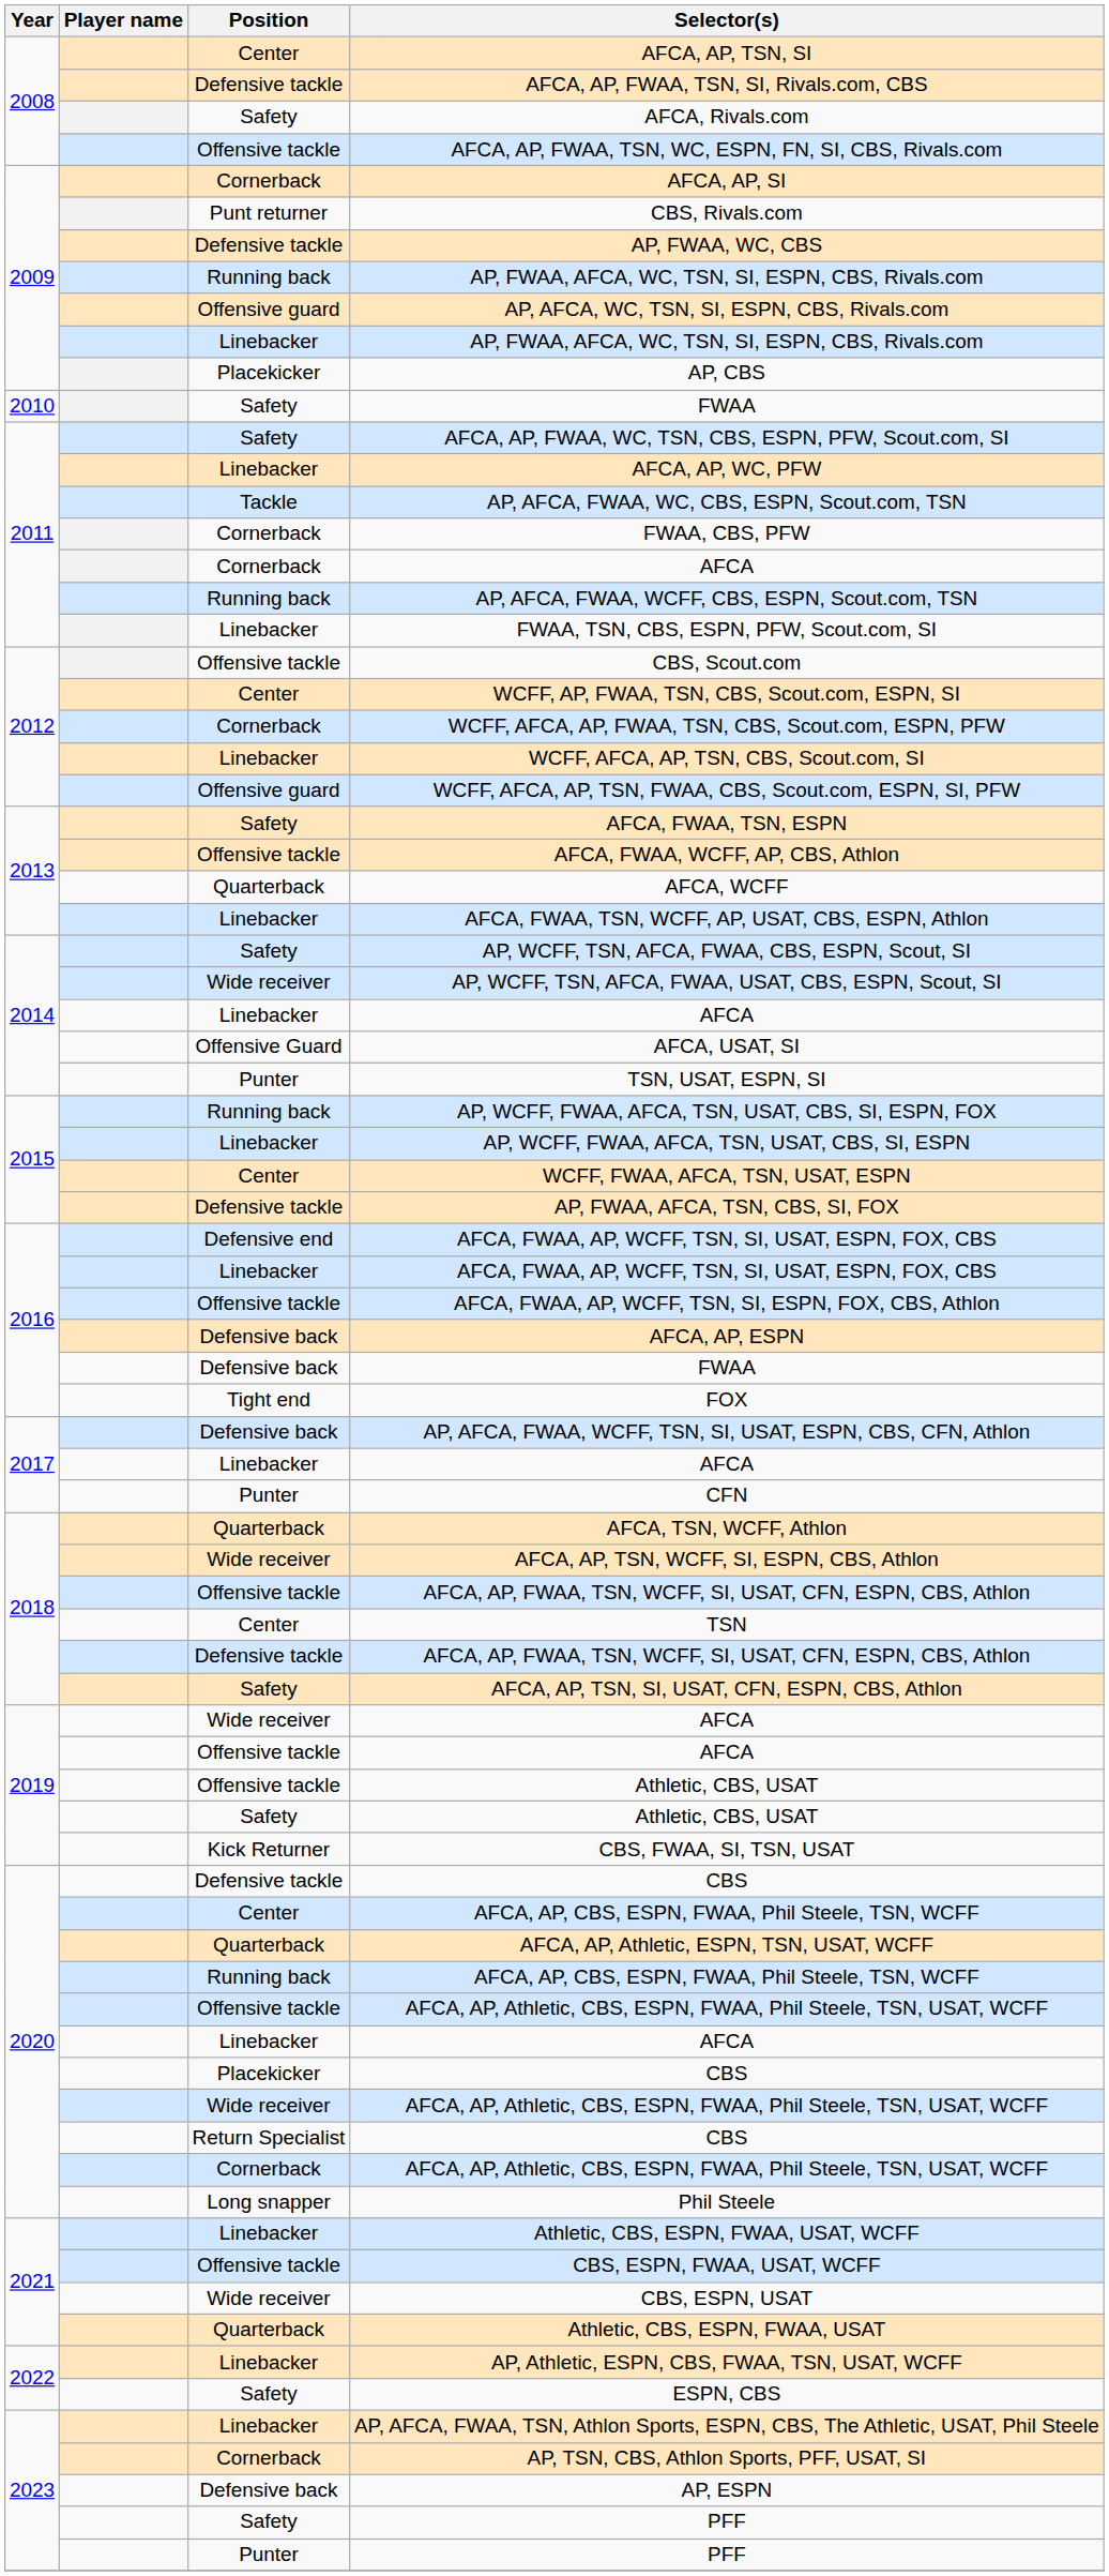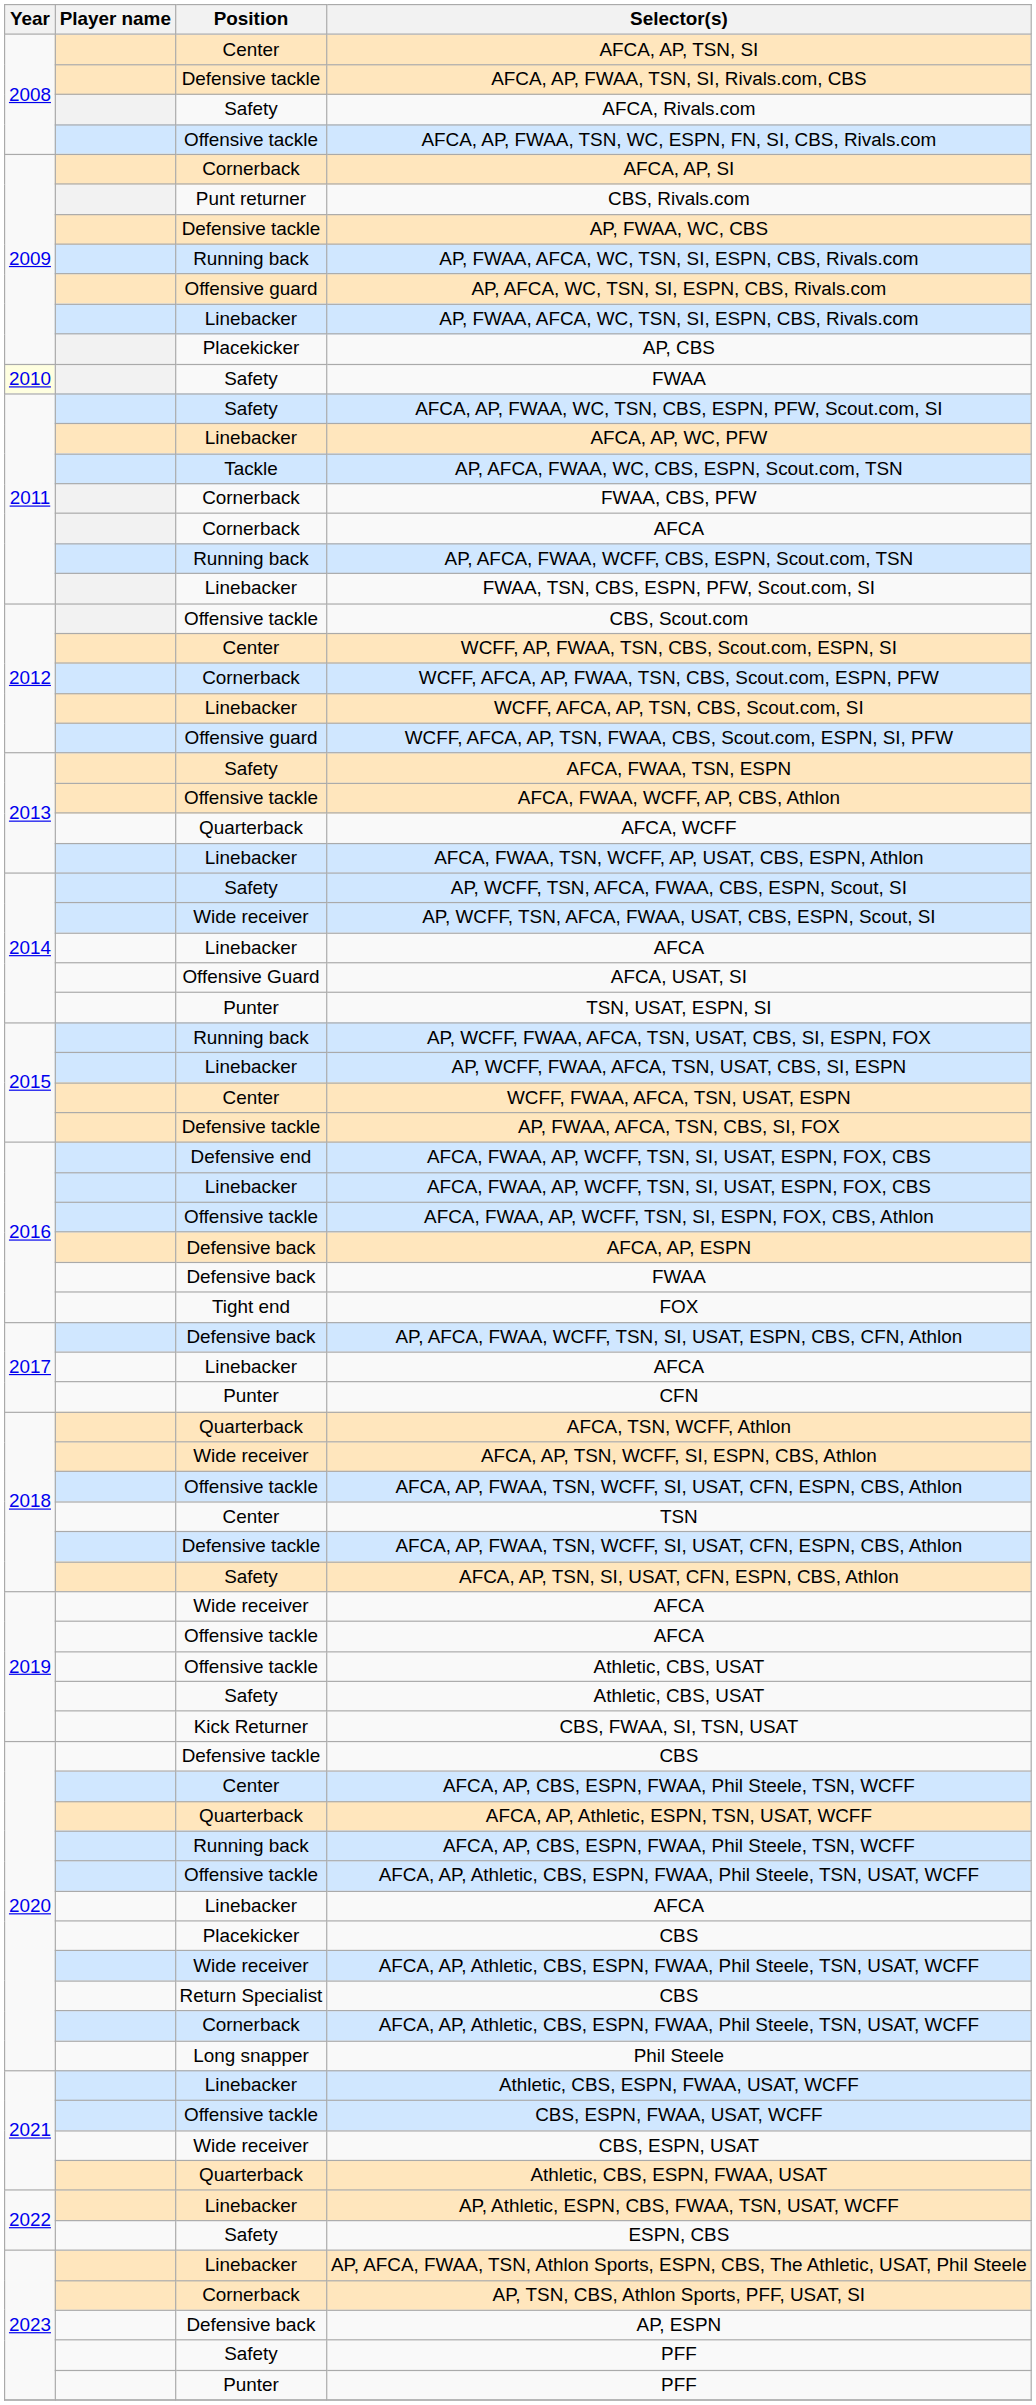 <table class="wikitable sortable" style="text-align:center">
 <tr>
 <th scope="col">Year</th>
 <th scope="col">Player name</th>
 <th scope="col">Position</th>
 <th scope="col">Selector(s)</th>
 </tr>
 <tr>
 <td rowspan=4><a href='#'>2008</a></td>
 <td align="center" bgcolor=#FFE6BD><strong></strong></td>
 <td align="center" bgcolor=#FFE6BD>Center</td>
 <td align="center" bgcolor=#FFE6BD>AFCA, AP, TSN, SI</td>
 </tr>
 <tr>
 <td align="center" bgcolor=#FFE6BD><strong></strong></td>
 <td align="center" bgcolor=#FFE6BD>Defensive tackle</td>
 <td align="center" bgcolor=#FFE6BD>AFCA, AP, FWAA, TSN, SI, Rivals.com, CBS</td>
 </tr>
 <tr>
 <th scope="row"></th>
 <td>Safety</td>
 <td>AFCA, Rivals.com</td>
 </tr>
 <tr>
 <td align="center" bgcolor=#D0E7FF><strong></strong></td>
 <td align="center" bgcolor=#D0E7FF>Offensive tackle</td>
 <td align="center" bgcolor=#D0E7FF>AFCA, AP, FWAA, TSN, WC, ESPN, FN, SI, CBS, Rivals.com</td>
 </tr>
 <tr>
 <td rowspan=7><a href='#'>2009</a></td>
 <td align="center" bgcolor=#FFE6BD><strong></strong></td>
 <td align="center" bgcolor=#FFE6BD>Cornerback</td>
 <td align="center" bgcolor=#FFE6BD>AFCA, AP, SI</td>
 </tr>
 <tr>
 <th scope="row"></th>
 <td>Punt returner</td>
 <td>CBS, Rivals.com</td>
 </tr>
 <tr>
 <td align="center" bgcolor=#FFE6BD><strong></strong></td>
 <td align="center" bgcolor=#FFE6BD>Defensive tackle</td>
 <td align="center" bgcolor=#FFE6BD>AP, FWAA, WC, CBS</td>
 </tr>
 <tr>
 <td align="center" bgcolor=#D0E7FF><strong></strong></td>
 <td align="center" bgcolor=#D0E7FF>Running back</td>
 <td align="center" bgcolor=#D0E7FF>AP, FWAA, AFCA, WC, TSN, SI, ESPN, CBS, Rivals.com</td>
 </tr>
 <tr>
 <td align="center" bgcolor=#FFE6BD><strong></strong></td>
 <td align="center" bgcolor=#FFE6BD>Offensive guard</td>
 <td align="center" bgcolor=#FFE6BD>AP, AFCA, WC, TSN, SI, ESPN, CBS, Rivals.com</td>
 </tr>
 <tr>
 <td align="center" bgcolor=#D0E7FF><strong></strong></td>
 <td align="center" bgcolor=#D0E7FF>Linebacker</td>
 <td align="center" bgcolor=#D0E7FF>AP, FWAA, AFCA, WC, TSN, SI, ESPN, CBS, Rivals.com</td>
 </tr>
 <tr>
 <th scope="row"></th>
 <td>Placekicker</td>
 <td>AP, CBS</td>
 </tr>
 <tr>
-<td><a href='#'>2010</a></td>
+<td style="background: lightyellow;"><a href='#'>2010</a></td>
 <th scope="row"></th>
 <td>Safety</td>
 <td>FWAA</td>
 </tr>
 <tr>
 <td rowspan=7><a href='#'>2011</a></td>
 <td align="center" bgcolor=#D0E7FF><strong></strong></td>
 <td align="center" bgcolor=#D0E7FF>Safety</td>
 <td align="center" bgcolor=#D0E7FF>AFCA, AP, FWAA, WC, TSN, CBS, ESPN, PFW, Scout.com, SI</td>
 </tr>
 <tr>
 <td align="center" bgcolor=#FFE6BD><strong></strong></td>
 <td align="center" bgcolor=#FFE6BD>Linebacker</td>
 <td align="center" bgcolor=#FFE6BD>AFCA, AP, WC, PFW</td>
 </tr>
 <tr>
 <td align="center" bgcolor=#D0E7FF><strong></strong></td>
 <td align="center" bgcolor=#D0E7FF>Tackle</td>
 <td align="center" bgcolor=#D0E7FF>AP, AFCA, FWAA, WC, CBS, ESPN, Scout.com, TSN</td>
 </tr>
 <tr>
 <th scope="row"></th>
 <td>Cornerback</td>
 <td>FWAA, CBS, PFW</td>
 </tr>
 <tr>
 <th scope="row"></th>
 <td>Cornerback</td>
 <td>AFCA</td>
 </tr>
 <tr>
 <td align="center" bgcolor=#D0E7FF><strong></strong></td>
 <td align="center" bgcolor=#D0E7FF>Running back</td>
 <td align="center" bgcolor=#D0E7FF>AP, AFCA, FWAA, WCFF, CBS, ESPN, Scout.com, TSN</td>
 </tr>
 <tr>
 <th scope="row"></th>
 <td>Linebacker</td>
 <td>FWAA, TSN, CBS, ESPN, PFW, Scout.com, SI</td>
 </tr>
 <tr>
 <td rowspan=5><a href='#'>2012</a></td>
 <th scope="row"></th>
 <td>Offensive tackle</td>
 <td>CBS, Scout.com</td>
 </tr>
 <tr>
 <td align="center" bgcolor=#FFE6BD><strong></strong></td>
 <td align="center" bgcolor=#FFE6BD>Center</td>
 <td align="center" bgcolor=#FFE6BD>WCFF, AP, FWAA, TSN, CBS, Scout.com, ESPN, SI</td>
 </tr>
 <tr>
 <td align="center" bgcolor=#D0E7FF><strong></strong></td>
 <td align="center" bgcolor=#D0E7FF>Cornerback</td>
 <td align="center" bgcolor=#D0E7FF>WCFF, AFCA, AP, FWAA, TSN, CBS, Scout.com, ESPN, PFW</td>
 </tr>
 <tr>
 <td align="center" bgcolor=#FFE6BD><strong></strong></td>
 <td align="center" bgcolor=#FFE6BD>Linebacker</td>
 <td align="center" bgcolor=#FFE6BD>WCFF, AFCA, AP, TSN, CBS, Scout.com, SI</td>
 </tr>
 <tr>
 <td align="center" bgcolor=#D0E7FF><strong></strong></td>
 <td align="center" bgcolor=#D0E7FF>Offensive guard</td>
 <td align="center" bgcolor=#D0E7FF>WCFF, AFCA, AP, TSN, FWAA, CBS, Scout.com, ESPN, SI, PFW</td>
 </tr>
 <tr>
 <td rowspan=4><a href='#'>2013</a></td>
 <td align="center" bgcolor=#FFE6BD><strong></strong></td>
 <td align="center" bgcolor=#FFE6BD>Safety</td>
 <td align="center" bgcolor=#FFE6BD>AFCA, FWAA, TSN, ESPN</td>
 </tr>
 <tr>
 <td align="center" bgcolor=#FFE6BD><strong></strong></td>
 <td align="center" bgcolor=#FFE6BD>Offensive tackle</td>
 <td align="center" bgcolor=#FFE6BD>AFCA, FWAA, WCFF, AP, CBS, Athlon</td>
 </tr>
 <tr>
 <td><strong></strong></td>
 <td>Quarterback</td>
 <td>AFCA, WCFF</td>
 </tr>
 <tr>
 <td align="center" bgcolor=#D0E7FF><strong></strong></td>
 <td align="center" bgcolor=#D0E7FF>Linebacker</td>
 <td align="center" bgcolor=#D0E7FF>AFCA, FWAA, TSN, WCFF, AP, USAT, CBS, ESPN, Athlon</td>
 </tr>
 <tr>
 <td rowspan=5><a href='#'>2014</a></td>
 <td align="center" bgcolor=#D0E7FF><strong></strong></td>
 <td align="center" bgcolor=#D0E7FF>Safety</td>
 <td align="center" bgcolor=#D0E7FF>AP, WCFF, TSN, AFCA, FWAA, CBS, ESPN, Scout, SI</td>
 </tr>
 <tr>
 <td align="center" bgcolor=#D0E7FF><strong></strong></td>
 <td align="center" bgcolor=#D0E7FF>Wide receiver</td>
 <td align="center" bgcolor=#D0E7FF>AP, WCFF, TSN, AFCA, FWAA, USAT, CBS, ESPN, Scout, SI</td>
 </tr>
 <tr>
 <td><strong></strong></td>
 <td>Linebacker</td>
 <td>AFCA</td>
 </tr>
 <tr>
 <td><strong></strong></td>
 <td>Offensive Guard</td>
 <td>AFCA, USAT, SI</td>
 </tr>
 <tr>
 <td><strong></strong></td>
 <td>Punter</td>
 <td>TSN, USAT, ESPN, SI</td>
 </tr>
 <tr>
 <td rowspan=4><a href='#'>2015</a></td>
 <td align="center" bgcolor=#D0E7FF><strong></strong></td>
 <td align="center" bgcolor=#D0E7FF>Running back</td>
 <td align="center" bgcolor=#D0E7FF>AP, WCFF, FWAA, AFCA, TSN, USAT, CBS, SI, ESPN, FOX</td>
 </tr>
 <tr>
 <td align="center" bgcolor=#D0E7FF><strong></strong></td>
 <td align="center" bgcolor=#D0E7FF>Linebacker</td>
 <td align="center" bgcolor=#D0E7FF>AP, WCFF, FWAA, AFCA, TSN, USAT, CBS, SI, ESPN</td>
 </tr>
 <tr>
 <td align="center" bgcolor=#FFE6BD><strong></strong></td>
 <td align="center" bgcolor=#FFE6BD>Center</td>
 <td align="center" bgcolor=#FFE6BD>WCFF, FWAA, AFCA, TSN, USAT, ESPN</td>
 </tr>
 <tr>
 <td align="center" bgcolor=#FFE6BD><strong></strong></td>
 <td align="center" bgcolor=#FFE6BD>Defensive tackle</td>
 <td align="center" bgcolor=#FFE6BD>AP, FWAA, AFCA, TSN, CBS, SI, FOX</td>
 </tr>
 <tr>
 <td rowspan=6><a href='#'>2016</a></td>
 <td align="center" bgcolor=#D0E7FF><strong></strong></td>
 <td align="center" bgcolor=#D0E7FF>Defensive end</td>
 <td align="center" bgcolor=#D0E7FF>AFCA, FWAA, AP, WCFF, TSN, SI, USAT, ESPN, FOX, CBS</td>
 </tr>
 <tr>
 <td align="center" bgcolor=#D0E7FF><strong></strong></td>
 <td align="center" bgcolor=#D0E7FF>Linebacker</td>
 <td align="center" bgcolor=#D0E7FF>AFCA, FWAA, AP, WCFF, TSN, SI, USAT, ESPN, FOX, CBS</td>
 </tr>
 <tr>
 <td align="center" bgcolor=#D0E7FF><strong></strong></td>
 <td align="center" bgcolor=#D0E7FF>Offensive tackle</td>
 <td align="center" bgcolor=#D0E7FF>AFCA, FWAA, AP, WCFF, TSN, SI, ESPN, FOX, CBS, Athlon</td>
 </tr>
 <tr>
 <td align="center" bgcolor=#FFE6BD><strong></strong></td>
 <td align="center" bgcolor=#FFE6BD>Defensive back</td>
 <td align="center" bgcolor=#FFE6BD>AFCA, AP, ESPN</td>
 </tr>
 <tr>
 <td align="center"><strong></strong></td>
 <td align="center">Defensive back</td>
 <td align="center">FWAA</td>
 </tr>
 <tr>
 <td align="center"><strong></strong></td>
 <td align="center">Tight end</td>
 <td align="center">FOX</td>
 </tr>
 <tr>
 <td rowspan=3><a href='#'>2017</a></td>
 <td align="center" bgcolor=#D0E7FF><strong></strong></td>
 <td align="center" bgcolor=#D0E7FF>Defensive back</td>
 <td align="center" bgcolor=#D0E7FF>AP, AFCA, FWAA, WCFF, TSN, SI, USAT, ESPN, CBS, CFN, Athlon</td>
 </tr>
 <tr>
 <td align="center"><strong></strong></td>
 <td align="center">Linebacker</td>
 <td align="center">AFCA</td>
 </tr>
 <tr>
 <td align="center"><strong></strong></td>
 <td align="center">Punter</td>
 <td align="center">CFN</td>
 </tr>
 <tr>
 <td rowspan=6><a href='#'>2018</a></td>
 <td align="center" bgcolor=#FFE6BD><strong></strong></td>
 <td align="center" bgcolor=#FFE6BD>Quarterback</td>
 <td align="center" bgcolor=#FFE6BD>AFCA, TSN, WCFF, Athlon</td>
 </tr>
 <tr>
 <td align="center" bgcolor=#FFE6BD><strong></strong></td>
 <td align="center" bgcolor=#FFE6BD>Wide receiver</td>
 <td align="center" bgcolor=#FFE6BD>AFCA, AP, TSN, WCFF, SI, ESPN, CBS, Athlon</td>
 </tr>
 <tr>
 <td align="center" bgcolor=#D0E7FF><strong></strong></td>
 <td align="center" bgcolor=#D0E7FF>Offensive tackle</td>
 <td align="center" bgcolor=#D0E7FF>AFCA, AP, FWAA, TSN, WCFF, SI, USAT, CFN, ESPN, CBS, Athlon</td>
 </tr>
 <tr>
 <td align="center"><strong></strong></td>
 <td align="center">Center</td>
 <td align="center">TSN</td>
 </tr>
 <tr>
 <td align="center" bgcolor=#D0E7FF><strong></strong></td>
 <td align="center" bgcolor=#D0E7FF>Defensive tackle</td>
 <td align="center" bgcolor=#D0E7FF>AFCA, AP, FWAA, TSN, WCFF, SI, USAT, CFN, ESPN, CBS, Athlon</td>
 </tr>
 <tr>
 <td align="center" bgcolor=#FFE6BD><strong></strong></td>
 <td align="center" bgcolor=#FFE6BD>Safety</td>
 <td align="center" bgcolor=#FFE6BD>AFCA, AP, TSN, SI, USAT, CFN, ESPN, CBS, Athlon</td>
 </tr>
 <tr>
 <td rowspan=5><a href='#'>2019</a></td>
 <td align="center"><strong></strong></td>
 <td align="center">Wide receiver</td>
 <td align="center">AFCA</td>
 </tr>
 <tr>
 <td align="center"><strong></strong></td>
 <td align="center">Offensive tackle</td>
 <td align="center">AFCA</td>
 </tr>
 <tr>
 <td align="center"><strong></strong></td>
 <td align="center">Offensive tackle</td>
 <td align="center">Athletic, CBS, USAT</td>
 </tr>
 <tr>
 <td align="center"><strong></strong></td>
 <td align="center">Safety</td>
 <td align="center">Athletic, CBS, USAT</td>
 </tr>
 <tr>
 <td align="center"><strong></strong></td>
 <td align="center">Kick Returner</td>
 <td align="center">CBS, FWAA, SI, TSN, USAT</td>
 </tr>
 <tr>
 <td rowspan=11><a href='#'>2020</a></td>
 <td align="center"><strong></strong></td>
 <td align="center">Defensive tackle</td>
 <td align="center">CBS</td>
 </tr>
 <tr>
 <td align="center" bgcolor=#D0E7FF><strong></strong> </td>
 <td align="center" bgcolor=#D0E7FF>Center</td>
 <td align="center" bgcolor=#D0E7FF>AFCA, AP, CBS, ESPN, FWAA, Phil Steele, TSN, WCFF</td>
 </tr>
 <tr>
 <td align="center" bgcolor=#FFE6BD><strong></strong> </td>
 <td align="center" bgcolor=#FFE6BD>Quarterback</td>
 <td align="center" bgcolor=#FFE6BD>AFCA, AP, Athletic, ESPN, TSN, USAT, WCFF</td>
 </tr>
 <tr>
 <td align="center" bgcolor=#D0E7FF><strong></strong> </td>
 <td align="center" bgcolor=#D0E7FF>Running back</td>
 <td align="center" bgcolor=#D0E7FF>AFCA, AP, CBS, ESPN, FWAA, Phil Steele, TSN, WCFF</td>
 </tr>
 <tr>
 <td align="center" bgcolor=#D0E7FF><strong></strong> </td>
 <td align="center" bgcolor=#D0E7FF>Offensive tackle</td>
 <td align="center" bgcolor=#D0E7FF>AFCA, AP, Athletic, CBS, ESPN, FWAA, Phil Steele, TSN, USAT, WCFF</td>
 </tr>
 <tr>
 <td align="center"><strong></strong></td>
 <td align="center">Linebacker</td>
 <td align="center">AFCA</td>
 </tr>
 <tr>
 <td align="center"><strong></strong></td>
 <td align="center">Placekicker</td>
 <td align="center">CBS</td>
 </tr>
 <tr>
 <td align="center" bgcolor=#D0E7FF><strong></strong> </td>
 <td align="center" bgcolor=#D0E7FF>Wide receiver</td>
 <td align="center" bgcolor=#D0E7FF>AFCA, AP, Athletic, CBS, ESPN, FWAA, Phil Steele, TSN, USAT, WCFF</td>
 </tr>
 <tr>
 <td align="center"><strong></strong></td>
 <td align="center">Return Specialist</td>
 <td align="center">CBS</td>
 </tr>
 <tr>
 <td align="center" bgcolor=#D0E7FF><strong></strong> </td>
 <td align="center" bgcolor=#D0E7FF>Cornerback</td>
 <td align="center" bgcolor=#D0E7FF>AFCA, AP, Athletic, CBS, ESPN, FWAA, Phil Steele, TSN, USAT, WCFF</td>
 </tr>
 <tr>
 <td align="center"><strong></strong></td>
 <td align="center">Long snapper</td>
 <td align="center">Phil Steele</td>
 </tr>
 <tr>
 <td rowspan=4><a href='#'>2021</a></td>
 <td align="center" bgcolor=#D0E7FF><strong></strong> </td>
 <td align="center" bgcolor=#D0E7FF>Linebacker</td>
 <td align="center" bgcolor=#D0E7FF>Athletic, CBS, ESPN, FWAA, USAT, WCFF</td>
 </tr>
 <tr>
 <td align="center" bgcolor=#D0E7FF><strong></strong> </td>
 <td align="center" bgcolor=#D0E7FF>Offensive tackle</td>
 <td align="center" bgcolor=#D0E7FF>CBS, ESPN, FWAA, USAT, WCFF</td>
 </tr>
 <tr>
 <td align="center"><strong></strong></td>
 <td align="center">Wide receiver</td>
 <td align="center">CBS, ESPN, USAT</td>
 </tr>
 <tr>
 <td align="center" bgcolor=#FFE6BD><strong></strong> </td>
 <td align="center" bgcolor=#FFE6BD>Quarterback</td>
 <td align="center" bgcolor=#FFE6BD>Athletic, CBS, ESPN, FWAA, USAT</td>
 </tr>
 <tr>
 <td rowspan=2><a href='#'>2022</a></td>
 <td align="center" bgcolor=#FFE6BD><strong></strong> </td>
 <td align="center" bgcolor=#FFE6BD>Linebacker</td>
 <td align="center" bgcolor=#FFE6BD>AP, Athletic, ESPN, CBS, FWAA, TSN, USAT, WCFF</td>
 </tr>
 <tr>
 <td align="center"><strong></strong></td>
 <td align="center">Safety</td>
 <td align="center">ESPN, CBS</td>
 </tr>
 <tr>
 <td rowspan=5><a href='#'>2023</a></td>
 <td align="center" bgcolor=#FFE6BD><strong></strong> </td>
 <td align="center" bgcolor=#FFE6BD>Linebacker</td>
 <td align="center" bgcolor=#FFE6BD>AP, AFCA, FWAA, TSN, Athlon Sports, ESPN, CBS, The Athletic, USAT, Phil Steele</td>
 </tr>
 <tr>
 <td align="center" bgcolor=#FFE6BD><strong></strong></td>
 <td align="center" bgcolor=#FFE6BD>Cornerback</td>
 <td align="center" bgcolor=#FFE6BD>AP, TSN, CBS, Athlon Sports, PFF, USAT, SI</td>
 </tr>
 <tr>
 <td align="center"><strong></strong></td>
 <td align="center">Defensive back</td>
 <td align="center">AP, ESPN</td>
 </tr>
 <tr>
 <td align="center"><strong></strong></td>
 <td align="center">Safety</td>
 <td align="center">PFF</td>
 </tr>
 <tr>
 <td align="center"><strong></strong></td>
 <td align="center">Punter</td>
 <td align="center">PFF</td>
 </tr>
 <tr>
 </tr>
 </table>
